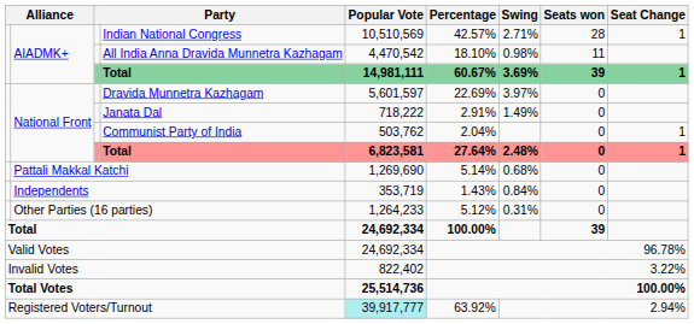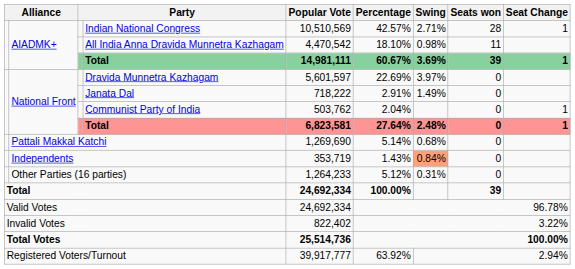 <table class='wikitable'>
 <tr>
 <th colspan="2" align=centre>Alliance</th>
 <th colspan="2" align=centre>Party</th>
 <th align=centre>Popular Vote</th>
 <th align=centre>Percentage</th>
 <th align=centre>Swing</th>
 <th align=centre>Seats won</th>
 <th align=centre>Seat Change</th>
 </tr>
 <tr>
 <td rowspan="3"></td>
 <td rowspan="3"><a href='#'>AIADMK+</a></td>
 <td></td>
 <td><a href='#'>Indian National Congress</a></td>
 <td align=right>10,510,569</td>
 <td align=right>42.57%</td>
 <td align=right>2.71%</td>
 <td align=right>28</td>
 <td align=right>1</td>
 </tr>
 <tr>
 <td></td>
 <td><a href='#'>All India Anna Dravida Munnetra Kazhagam</a></td>
 <td align=right>4,470,542</td>
 <td align=right>18.10%</td>
 <td align=right>0.98%</td>
 <td align=right>11</td>
 <td align=right></td>
 </tr>
 <tr>
 <td style="background:#88D19F"></td>
 <td style="background:#88D19F" align=left><strong>Total</strong></td>
 <td style="background:#88D19F" align=right><strong>14,981,111</strong></td>
 <td style="background:#88D19F" align=right><strong>60.67%</strong></td>
 <td style="background:#88D19F" align=right><strong>3.69%</strong></td>
 <td style="background:#88D19F" align=right><strong>39</strong></td>
 <td style="background:#88D19F" align=right><strong>1</strong></td>
 </tr>
 <tr>
 <td rowspan="4"></td>
 <td rowspan="4"><a href='#'>National Front</a></td>
 <td></td>
 <td><a href='#'>Dravida Munnetra Kazhagam</a></td>
 <td align=right>5,601,597</td>
 <td align=right>22.69%</td>
 <td align=right>3.97%</td>
 <td align=right>0</td>
 <td align=right></td>
 </tr>
 <tr>
 <td></td>
 <td><a href='#'>Janata Dal</a></td>
 <td align=right>718,222</td>
 <td align=right>2.91%</td>
 <td align=right>1.49%</td>
 <td align=right>0</td>
 <td align=right></td>
 </tr>
 <tr>
 <td></td>
 <td><a href='#'>Communist Party of India</a></td>
 <td align=right>503,762</td>
 <td align=right>2.04%</td>
 <td align=right></td>
 <td align=right>0</td>
 <td align=right>1</td>
 </tr>
 <tr>
 <td style="background:#FF9494"></td>
 <td style="background:#FF9494" align=left><strong>Total</strong></td>
 <td style="background:#FF9494" align=right><strong>6,823,581</strong></td>
 <td style="background:#FF9494" align=right><strong>27.64%</strong></td>
 <td style="background:#FF9494" align=right><strong>2.48%</strong></td>
 <td style="background:#FF9494" align=right><strong>0</strong></td>
 <td style="background:#FF9494" align=right><strong>1</strong></td>
 </tr>
 <tr>
 <td></td>
 <td colspan="3" align=left><a href='#'>Pattali Makkal Katchi</a></td>
 <td align=right>1,269,690</td>
 <td align=right>5.14%</td>
 <td align=right>0.68%</td>
 <td align=right>0</td>
 <td align=right></td>
 </tr>
 <tr>
 <td></td>
 <td colspan="3" align=left><a href='#'>Independents</a></td>
 <td align=right>353,719</td>
 <td align=right>1.43%</td>
-<td align=right>0.84%</td>
+<td align=right style="background: lightsalmon;">0.84%</td>
 <td align=right>0</td>
 <td align=right></td>
 </tr>
 <tr>
 <td></td>
 <td colspan="3" align=left>Other Parties (16 parties)</td>
 <td align=right>1,264,233</td>
 <td align=right>5.12%</td>
 <td align=right>0.31%</td>
 <td align=right>0</td>
 <td align=right></td>
 </tr>
 <tr>
 <td colspan="4" align=left><strong>Total</strong></td>
 <td align=right><strong>24,692,334</strong></td>
 <td align=right><strong>100.00%</strong></td>
 <td align=right></td>
 <td align=right><strong>39</strong></td>
 <td align=right></td>
 </tr>
 <tr>
 <td colspan="4" align=left>Valid Votes</td>
 <td align=right>24,692,334</td>
 <td colspan="4" align=right>96.78%</td>
 </tr>
 <tr>
 <td colspan="4" align=left>Invalid Votes</td>
 <td align=right>822,402</td>
 <td colspan="4" align=right>3.22%</td>
 </tr>
 <tr>
 <td colspan="4" align=left><strong>Total Votes</strong></td>
 <td align=right><strong>25,514,736</strong></td>
 <td colspan="4" align=right><strong>100.00%</strong></td>
 </tr>
 <tr>
 <td colspan="4" align=left>Registered Voters/Turnout</td>
-<td align=right style="background: paleturquoise;">39,917,777</td>
+<td align=right>39,917,777</td>
 <td align=right>63.92%</td>
 <td colspan="3" align=right>2.94%</td>
 </tr>
 </table>
